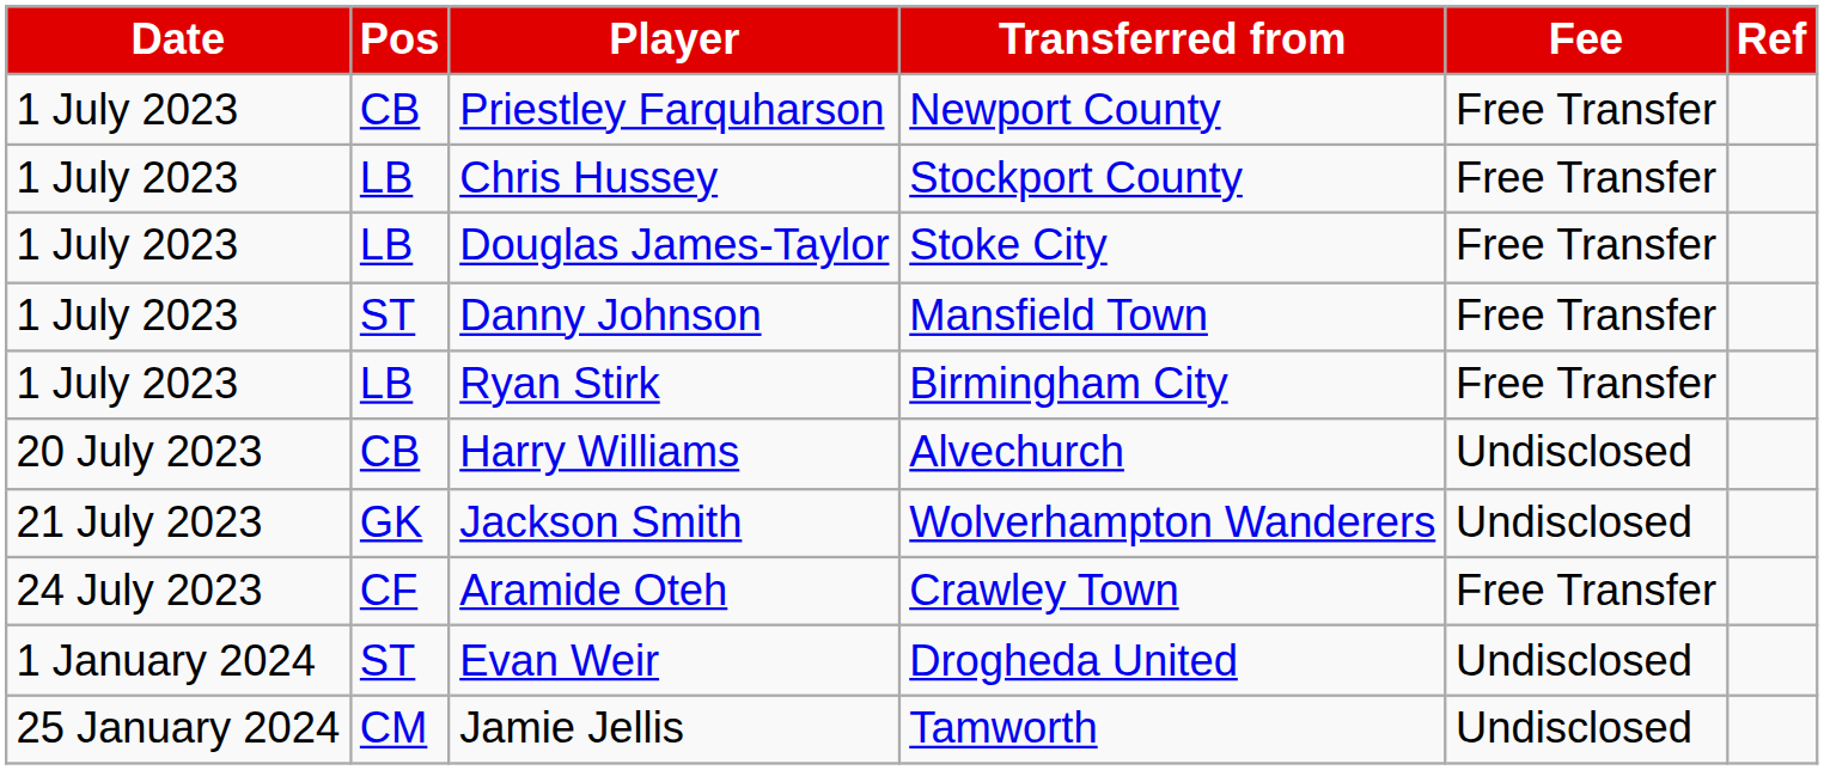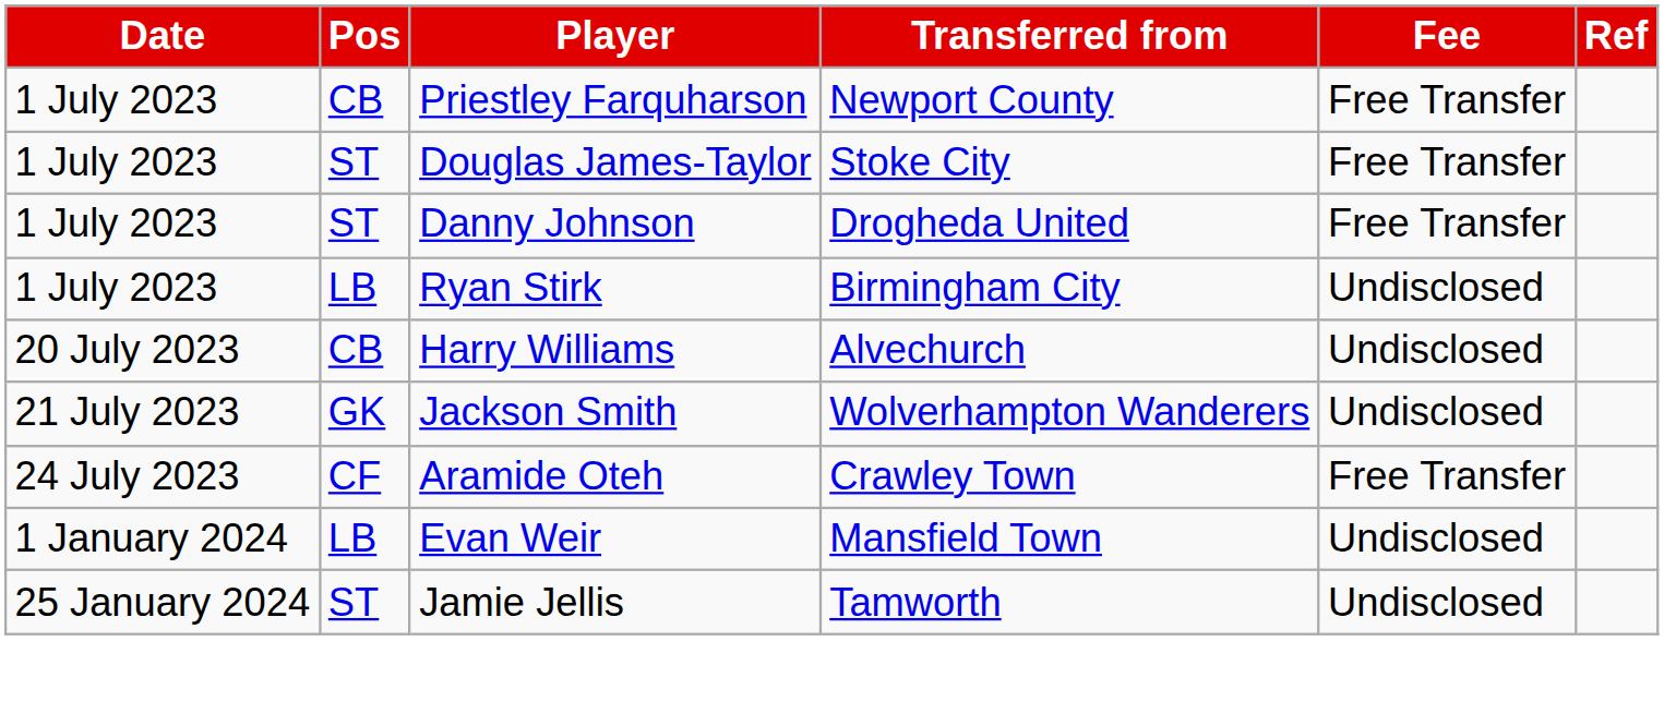 <table class="wikitable plainrowheaders sortable">
 <tr>
 <th style="background:#E00000;color:white;">Date</th>
 <th style="background:#E00000;color:white;">Pos</th>
 <th style="background:#E00000;color:white;">Player</th>
 <th style="background:#E00000;color:white;">Transferred from</th>
 <th style="background:#E00000;color:white;">Fee</th>
 <th style="background:#E00000;color:white;">Ref</th>
 </tr>
 <tr>
 <td>1 July 2023</td>
 <td><a href='#'>CB</a></td>
 <td> <a href='#'>Priestley Farquharson</a></td>
 <td> <a href='#'>Newport County</a></td>
 <td>Free Transfer</td>
 <td></td>
 </tr>
 <tr>
 <td>1 July 2023</td>
-<td><a href='#'>LB</a></td>
-<td> <a href='#'>Chris Hussey</a></td>
-<td> <a href='#'>Stockport County</a></td>
-<td>Free Transfer</td>
-<td></td>
-</tr>
-<tr>
-<td>1 July 2023</td>
-<td><a href='#'>LB</a></td>
+<td><a href='#'>ST</a></td>
 <td> <a href='#'>Douglas James-Taylor</a></td>
 <td> <a href='#'>Stoke City</a></td>
 <td>Free Transfer</td>
 <td></td>
 </tr>
 <tr>
 <td>1 July 2023</td>
 <td><a href='#'>ST</a></td>
 <td> <a href='#'>Danny Johnson</a></td>
-<td> <a href='#'>Mansfield Town</a></td>
+<td> <a href='#'>Drogheda United</a></td>
 <td>Free Transfer</td>
 <td></td>
 </tr>
 <tr>
 <td>1 July 2023</td>
 <td><a href='#'>LB</a></td>
 <td> <a href='#'>Ryan Stirk</a></td>
 <td> <a href='#'>Birmingham City</a></td>
-<td>Free Transfer</td>
+<td>Undisclosed</td>
 <td></td>
 </tr>
 <tr>
 <td>20 July 2023</td>
 <td><a href='#'>CB</a></td>
 <td> <a href='#'>Harry Williams</a></td>
 <td> <a href='#'>Alvechurch</a></td>
 <td>Undisclosed</td>
 <td></td>
 </tr>
 <tr>
 <td>21 July 2023</td>
 <td><a href='#'>GK</a></td>
 <td> <a href='#'>Jackson Smith</a></td>
 <td> <a href='#'>Wolverhampton Wanderers</a></td>
 <td>Undisclosed</td>
 <td></td>
 </tr>
 <tr>
 <td>24 July 2023</td>
 <td><a href='#'>CF</a></td>
 <td> <a href='#'>Aramide Oteh</a></td>
 <td> <a href='#'>Crawley Town</a></td>
 <td>Free Transfer</td>
 <td></td>
 </tr>
 <tr>
 <td>1 January 2024</td>
-<td><a href='#'>ST</a></td>
+<td><a href='#'>LB</a></td>
 <td> <a href='#'>Evan Weir</a></td>
-<td> <a href='#'>Drogheda United</a></td>
+<td> <a href='#'>Mansfield Town</a></td>
 <td>Undisclosed</td>
 <td></td>
 </tr>
 <tr>
 <td>25 January 2024</td>
-<td><a href='#'>CM</a></td>
+<td><a href='#'>ST</a></td>
 <td> Jamie Jellis</td>
 <td> <a href='#'>Tamworth</a></td>
 <td>Undisclosed</td>
 <td></td>
 </tr>
 </table>
